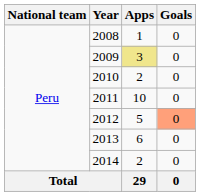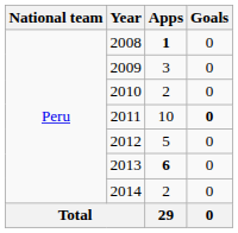 <table class="wikitable" style="text-align:center">
 <tr>
 <th>National team</th>
 <th>Year</th>
 <th>Apps</th>
 <th>Goals</th>
 </tr>
 <tr>
 <td rowspan="7"><a href='#'>Peru</a></td>
 <td>2008</td>
-<td>1</td>
+<td><strong>1</strong></td>
 <td>0</td>
 </tr>
 <tr>
 <td>2009</td>
-<td style="background: khaki;">3</td>
+<td>3</td>
 <td>0</td>
 </tr>
 <tr>
 <td>2010</td>
 <td>2</td>
 <td>0</td>
 </tr>
 <tr>
 <td>2011</td>
 <td>10</td>
-<td>0</td>
+<td><strong>0</strong></td>
 </tr>
 <tr>
 <td>2012</td>
 <td>5</td>
-<td style="background: lightsalmon;">0</td>
+<td>0</td>
 </tr>
 <tr>
 <td>2013</td>
-<td>6</td>
+<td><strong>6</strong></td>
 <td>0</td>
 </tr>
 <tr>
 <td>2014</td>
 <td>2</td>
 <td>0</td>
 </tr>
 <tr>
 <th colspan="2">Total</th>
 <th>29</th>
 <th>0</th>
 </tr>
 </table>
